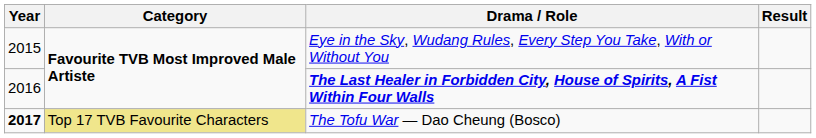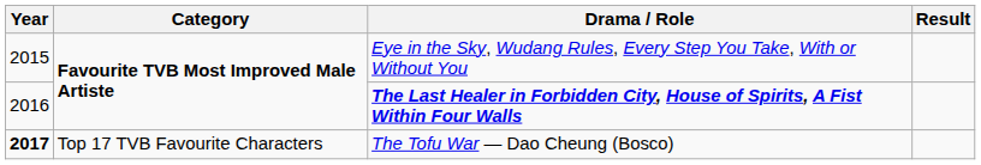 <table class="wikitable sortable">
 <tr>
 <th>Year</th>
 <th>Category</th>
 <th>Drama / Role</th>
 <th>Result</th>
 </tr>
 <tr>
 <td>2015</td>
 <td rowspan=2><strong>Favourite TVB Most Improved Male Artiste</strong></td>
 <td><em><a href='#'>Eye in the Sky</a></em>, <em><a href='#'>Wudang Rules</a></em>, <em><a href='#'>Every Step You Take</a></em>, <em><a href='#'>With or Without You</a></em></td>
 <td></td>
 </tr>
 <tr>
 <td>2016</td>
 <td><strong><em><a href='#'>The Last Healer in Forbidden City</a><em>, </em><a href='#'>House of Spirits</a><em>, </em><a href='#'>A Fist Within Four Walls</a></em></strong></td>
 <td></td>
 </tr>
 <tr>
 <td><strong>2017</strong></td>
-<td style="background: khaki;">Top 17 TVB Favourite Characters</td>
+<td>Top 17 TVB Favourite Characters</td>
 <td><em><a href='#'>The Tofu War</a></em> — Dao Cheung (Bosco)</td>
 <td></td>
 </tr>
 </table>
